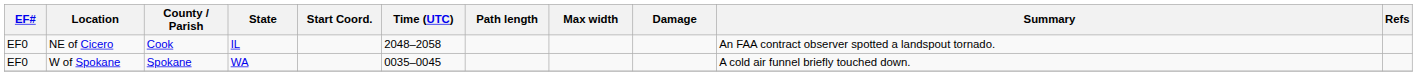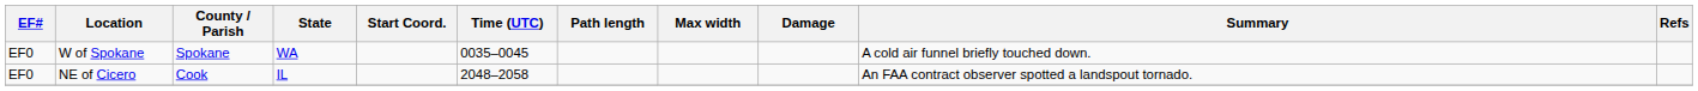 <table class="wikitable sortable" style="width:100%;">
 <tr>
 <th scope="col" width="3%" align="center"><a href='#'>EF#</a></th>
 <th scope="col" width="7%" align="center" class="unsortable">Location</th>
 <th scope="col" width="6%" align="center" class="unsortable">County / Parish</th>
 <th scope="col" width="5%" align="center">State</th>
 <th scope="col" width="6%" align="center">Start Coord.</th>
 <th scope="col" width="6%" align="center">Time (<a href='#'>UTC</a>)</th>
 <th scope="col" width="6%" align="center">Path length</th>
 <th scope="col" width="6%" align="center">Max width</th>
 <th scope="col" width="6%" align="center">Damage</th>
 <th scope="col" width="48%" class="unsortable" align="center">Summary</th>
 <th scope="col" width="48%" class="unsortable" align="center">Refs</th>
 </tr>
 <tr>
 <td>EF0</td>
+<td>W of <a href='#'>Spokane</a></td>
+<td><a href='#'>Spokane</a></td>
+<td><a href='#'>WA</a></td>
+<td></td>
+<td>0035–0045</td>
+<td></td>
+<td></td>
+<td></td>
+<td>A cold air funnel briefly touched down.</td>
+<td></td>
+</tr>
+<tr>
+<td>EF0</td>
 <td>NE of <a href='#'>Cicero</a></td>
 <td><a href='#'>Cook</a></td>
 <td><a href='#'>IL</a></td>
 <td></td>
 <td>2048–2058</td>
 <td></td>
 <td></td>
 <td></td>
 <td>An FAA contract observer spotted a landspout tornado.</td>
 <td></td>
 </tr>
 <tr>
-<td>EF0</td>
-<td>W of <a href='#'>Spokane</a></td>
-<td><a href='#'>Spokane</a></td>
-<td><a href='#'>WA</a></td>
-<td></td>
-<td>0035–0045</td>
-<td></td>
-<td></td>
-<td></td>
-<td>A cold air funnel briefly touched down.</td>
-<td></td>
-</tr>
-<tr>
 </tr>
 </table>
